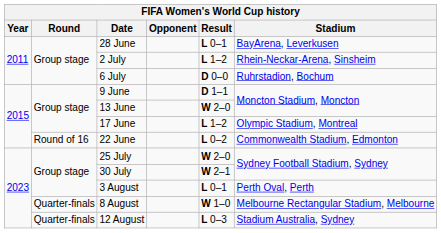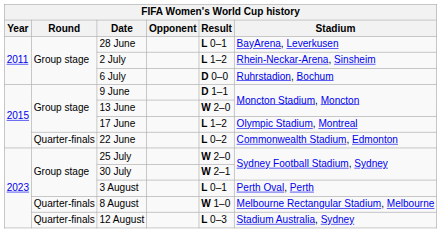 <table class="wikitable ">
 <tr>
 <th colspan=6>FIFA Women's World Cup history</th>
 </tr>
 <tr>
 <th>Year</th>
 <th>Round</th>
 <th>Date</th>
 <th>Opponent</th>
 <th>Result</th>
 <th>Stadium</th>
 </tr>
 <tr>
 <td rowspan=3> <a href='#'>2011</a></td>
 <td rowspan=3>Group stage</td>
 <td align="left">28 June</td>
 <td align="left"></td>
 <td><strong>L</strong> 0–1</td>
 <td align="left"><a href='#'>BayArena</a>, <a href='#'>Leverkusen</a></td>
 </tr>
 <tr>
 <td align="left">2 July</td>
 <td align="left"></td>
 <td><strong>L</strong> 1–2</td>
 <td align="left"><a href='#'>Rhein-Neckar-Arena</a>, <a href='#'>Sinsheim</a></td>
 </tr>
 <tr>
 <td align="left">6 July</td>
 <td align="left"></td>
 <td><strong>D</strong> 0–0</td>
 <td align="left"><a href='#'>Ruhrstadion</a>, <a href='#'>Bochum</a></td>
 </tr>
 <tr>
 <td rowspan=4> <a href='#'>2015</a></td>
 <td rowspan=3>Group stage</td>
 <td align="left">9 June</td>
 <td align="left"></td>
 <td><strong>D</strong> 1–1</td>
 <td rowspan=2 align="left"><a href='#'>Moncton Stadium</a>, <a href='#'>Moncton</a></td>
 </tr>
 <tr>
 <td align="left">13 June</td>
 <td align="left"></td>
 <td><strong>W</strong> 2–0</td>
 </tr>
 <tr>
 <td align="left">17 June</td>
 <td align="left"></td>
 <td><strong>L</strong> 1–2</td>
 <td align="left"><a href='#'>Olympic Stadium</a>, <a href='#'>Montreal</a></td>
 </tr>
 <tr>
-<td>Round of 16</td>
+<td>Quarter-finals</td>
 <td align="left">22 June</td>
 <td align="left"></td>
 <td><strong>L</strong> 0–2</td>
 <td align="left"><a href='#'>Commonwealth Stadium</a>, <a href='#'>Edmonton</a></td>
 </tr>
 <tr>
 <td rowspan=5> <a href='#'>2023</a></td>
 <td rowspan=3>Group stage</td>
 <td align="left">25 July</td>
 <td align="left"></td>
 <td><strong>W</strong> 2–0</td>
 <td rowspan=2 align="left"><a href='#'>Sydney Football Stadium</a>, <a href='#'>Sydney</a></td>
 </tr>
 <tr>
 <td align="left">30 July</td>
 <td align="left"></td>
 <td><strong>W</strong> 2–1</td>
 </tr>
 <tr>
 <td align="left">3 August</td>
 <td align="left"></td>
 <td><strong>L</strong> 0–1</td>
 <td align="left"><a href='#'>Perth Oval</a>, <a href='#'>Perth</a></td>
 </tr>
 <tr>
 <td>Quarter-finals</td>
 <td align="left">8 August</td>
 <td align="left"></td>
 <td><strong>W</strong> 1–0</td>
 <td align="left"><a href='#'>Melbourne Rectangular Stadium</a>, <a href='#'>Melbourne</a></td>
 </tr>
 <tr>
 <td>Quarter-finals</td>
 <td align="left">12 August</td>
 <td align="left"></td>
 <td><strong>L</strong> 0–3</td>
 <td align="left"><a href='#'>Stadium Australia</a>, <a href='#'>Sydney</a></td>
 </tr>
 </table>
